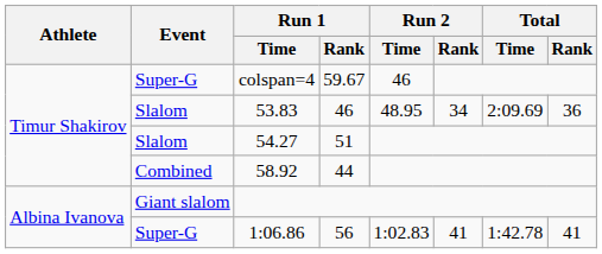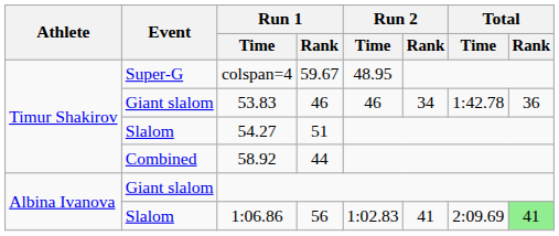 <table class="wikitable" style="font-size:90%">
 <tr>
 <th rowspan=2>Athlete</th>
 <th rowspan=2>Event</th>
 <th colspan=2>Run 1</th>
 <th colspan=2>Run 2</th>
 <th colspan=2>Total</th>
 </tr>
 <tr style="font-size:95%">
 <th>Time</th>
 <th>Rank</th>
 <th>Time</th>
 <th>Rank</th>
 <th>Time</th>
 <th>Rank</th>
 </tr>
 <tr align=center>
 <td align="left" rowspan="4"><a href='#'>Timur Shakirov</a></td>
 <td align="left"><a href='#'>Super-G</a></td>
 <td>colspan=4</td>
 <td>59.67</td>
-<td>46</td>
+<td>48.95</td>
 </tr>
 <tr align=center>
-<td align="left"><a href='#'>Slalom</a></td>
+<td align="left"><a href='#'>Giant slalom</a></td>
 <td>53.83</td>
 <td>46</td>
-<td>48.95</td>
+<td>46</td>
 <td>34</td>
-<td>2:09.69</td>
+<td>1:42.78</td>
 <td>36</td>
 </tr>
 <tr align=center>
 <td align="left"><a href='#'>Slalom</a></td>
 <td>54.27</td>
 <td>51</td>
 <td colspan=4></td>
 </tr>
 <tr align=center>
 <td align="left"><a href='#'>Combined</a></td>
 <td>58.92</td>
 <td>44</td>
 <td colspan=4></td>
 </tr>
 <tr align=center>
 <td align="left" rowspan="2"><a href='#'>Albina Ivanova</a></td>
 <td align="left"><a href='#'>Giant slalom</a></td>
 <td colspan=6></td>
 </tr>
 <tr align=center>
-<td align="left"><a href='#'>Super-G</a></td>
+<td align="left"><a href='#'>Slalom</a></td>
 <td>1:06.86</td>
 <td>56</td>
 <td>1:02.83</td>
 <td>41</td>
-<td>1:42.78</td>
-<td>41</td>
+<td>2:09.69</td>
+<td style="background: lightgreen;">41</td>
 </tr>
 </table>
